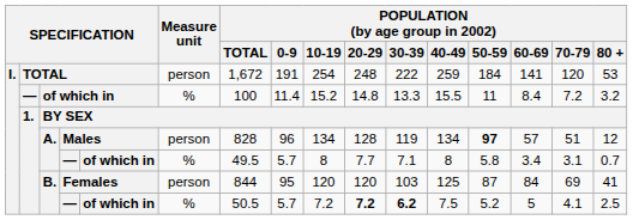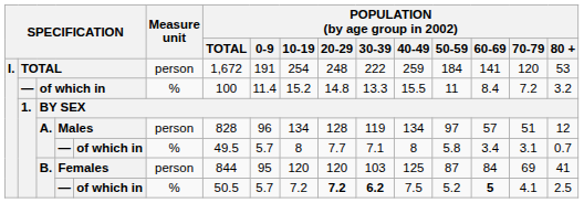 <table class="wikitable" style="font-size:85%; text-align:center">
 <tr>
 <th rowspan="2" colspan="5">SPECIFICATION</th>
 <th rowspan="2">Measure<br> unit</th>
 <th colspan="10" rowspan="1">POPULATION<br> (by age group in 2002)</th>
 </tr>
 <tr>
 <th>TOTAL</th>
 <th>0-9</th>
 <th>10-19</th>
 <th>20-29</th>
 <th>30-39</th>
 <th>40-49</th>
 <th>50-59</th>
 <th>60-69</th>
 <th>70-79</th>
 <th>80 +</th>
 </tr>
 <tr>
 <th style="text-align:left" valign="top" rowspan="7">I.</th>
 <th style="text-align:left" colspan="4">TOTAL</th>
 <td>person</td>
 <td>1,672</td>
 <td>191</td>
 <td>254</td>
 <td>248</td>
 <td>222</td>
 <td>259</td>
 <td>184</td>
 <td>141</td>
 <td>120</td>
 <td>53</td>
 </tr>
 <tr>
 <th style="text-align:left" valign="top">—</th>
 <th style="text-align:left" colspan="3">of which in</th>
 <td>%</td>
 <td>100</td>
 <td>11.4</td>
 <td>15.2</td>
 <td>14.8</td>
 <td>13.3</td>
 <td>15.5</td>
 <td>11</td>
 <td>8.4</td>
 <td>7.2</td>
 <td>3.2</td>
 </tr>
 <tr>
 <th style="text-align:left" valign="top" rowspan="5">1.</th>
 <th style="text-align:left" colspan="14">BY SEX</th>
 </tr>
 <tr>
 <th style="text-align:left" valign="top" rowspan="2">A.</th>
 <th style="text-align:left" colspan="2">Males</th>
 <td>person</td>
 <td>828</td>
 <td>96</td>
 <td>134</td>
 <td>128</td>
 <td>119</td>
 <td>134</td>
-<td><strong>97</strong></td>
+<td>97</td>
 <td>57</td>
 <td>51</td>
 <td>12</td>
 </tr>
 <tr>
 <th style="text-align:left" valign="top">—</th>
 <th style="text-align:left" colspan="1">of which in</th>
 <td>%</td>
 <td>49.5</td>
 <td>5.7</td>
 <td>8</td>
 <td>7.7</td>
 <td>7.1</td>
 <td>8</td>
 <td>5.8</td>
 <td>3.4</td>
 <td>3.1</td>
 <td>0.7</td>
 </tr>
 <tr>
 <th style="text-align:left" valign="top" rowspan="2">B.</th>
 <th style="text-align:left" colspan="2">Females</th>
 <td>person</td>
 <td>844</td>
 <td>95</td>
 <td>120</td>
 <td>120</td>
 <td>103</td>
 <td>125</td>
 <td>87</td>
 <td>84</td>
 <td>69</td>
 <td>41</td>
 </tr>
 <tr>
 <th style="text-align:left" valign="top">—</th>
 <th style="text-align:left" colspan="1">of which in</th>
 <td>%</td>
 <td>50.5</td>
 <td>5.7</td>
 <td>7.2</td>
 <td><strong>7.2</strong></td>
 <td><strong>6.2</strong></td>
 <td>7.5</td>
 <td>5.2</td>
-<td>5</td>
+<td><strong>5</strong></td>
 <td>4.1</td>
 <td>2.5</td>
 </tr>
 </table>
